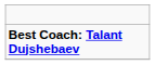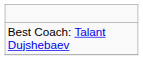 <table class="wikitable right" style="margin-left:1em;">
 <tr>
 <td><br>        </td>
 </tr>
 <tr>
-<td width="175"><strong>Best Coach:  <a href='#'>Talant Dujshebaev</a></strong></td>
+<td width="175">Best Coach:  <a href='#'>Talant Dujshebaev</a></td>
 </tr>
 <tr>
 </tr>
 </table>
